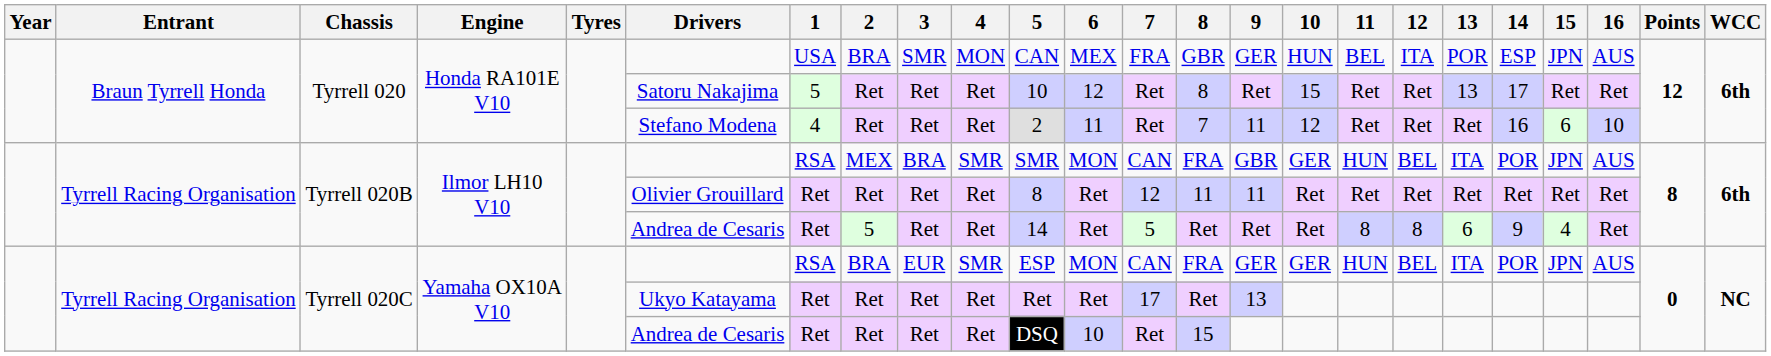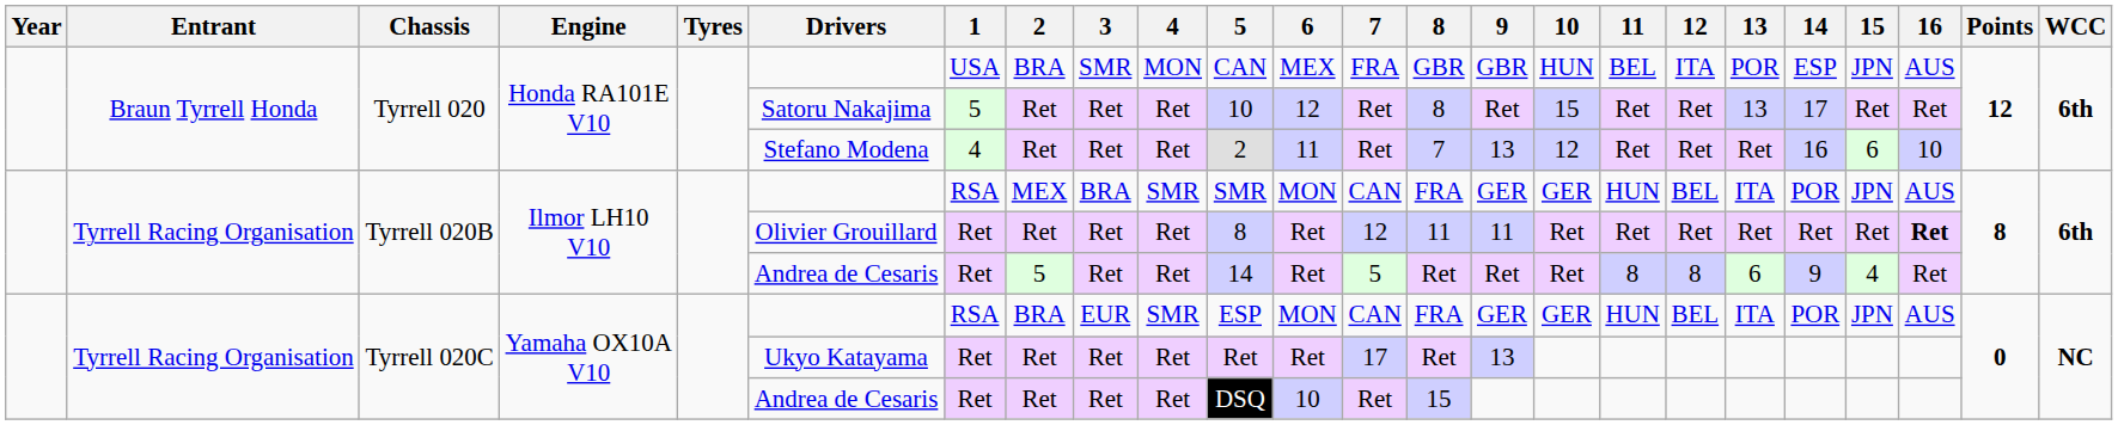 <table class="wikitable" style="text-align:center; font-size:95%">
 <tr>
 <th>Year</th>
 <th>Entrant</th>
 <th>Chassis</th>
 <th>Engine</th>
 <th>Tyres</th>
 <th>Drivers</th>
 <th>1</th>
 <th>2</th>
 <th>3</th>
 <th>4</th>
 <th>5</th>
 <th>6</th>
 <th>7</th>
 <th>8</th>
 <th>9</th>
 <th>10</th>
 <th>11</th>
 <th>12</th>
 <th>13</th>
 <th>14</th>
 <th>15</th>
 <th>16</th>
 <th>Points</th>
 <th>WCC</th>
 </tr>
 <tr>
 <td rowspan="3"></td>
 <td rowspan="3"><a href='#'>Braun</a> <a href='#'>Tyrrell</a> <a href='#'>Honda</a></td>
 <td rowspan="3">Tyrrell 020</td>
 <td rowspan="3"><a href='#'>Honda</a> RA101E<br><a href='#'>V10</a></td>
 <td rowspan="3"></td>
 <td></td>
 <td><a href='#'>USA</a></td>
 <td><a href='#'>BRA</a></td>
 <td><a href='#'>SMR</a></td>
 <td><a href='#'>MON</a></td>
 <td><a href='#'>CAN</a></td>
 <td><a href='#'>MEX</a></td>
 <td><a href='#'>FRA</a></td>
 <td><a href='#'>GBR</a></td>
-<td><a href='#'>GER</a></td>
+<td><a href='#'>GBR</a></td>
 <td><a href='#'>HUN</a></td>
 <td><a href='#'>BEL</a></td>
 <td><a href='#'>ITA</a></td>
 <td><a href='#'>POR</a></td>
 <td><a href='#'>ESP</a></td>
 <td><a href='#'>JPN</a></td>
 <td><a href='#'>AUS</a></td>
 <td rowspan="3"><strong>12</strong></td>
 <td rowspan="3"><strong>6th</strong></td>
 </tr>
 <tr>
 <td> <a href='#'>Satoru Nakajima</a></td>
 <td style="background:#dfffdf;">5</td>
 <td style="background:#efcfff;">Ret</td>
 <td style="background:#efcfff;">Ret</td>
 <td style="background:#efcfff;">Ret</td>
 <td style="background:#cfcfff;">10</td>
 <td style="background:#cfcfff;">12</td>
 <td style="background:#efcfff;">Ret</td>
 <td style="background:#cfcfff;">8</td>
 <td style="background:#efcfff;">Ret</td>
 <td style="background:#cfcfff;">15</td>
 <td style="background:#efcfff;">Ret</td>
 <td style="background:#efcfff;">Ret</td>
 <td style="background:#cfcfff;">13</td>
 <td style="background:#cfcfff;">17</td>
 <td style="background:#efcfff;">Ret</td>
 <td style="background:#efcfff;">Ret</td>
 </tr>
 <tr>
 <td> <a href='#'>Stefano Modena</a></td>
 <td style="background:#dfffdf;">4</td>
 <td style="background:#efcfff;">Ret</td>
 <td style="background:#efcfff;">Ret</td>
 <td style="background:#efcfff;">Ret</td>
 <td style="background:#dfdfdf;">2</td>
 <td style="background:#cfcfff;">11</td>
 <td style="background:#efcfff;">Ret</td>
 <td style="background:#cfcfff;">7</td>
-<td style="background:#cfcfff;">11</td>
+<td style="background:#cfcfff;">13</td>
 <td style="background:#cfcfff;">12</td>
 <td style="background:#efcfff;">Ret</td>
 <td style="background:#efcfff;">Ret</td>
 <td style="background:#efcfff;">Ret</td>
 <td style="background:#cfcfff;">16</td>
 <td style="background:#dfffdf;">6</td>
 <td style="background:#cfcfff;">10</td>
 </tr>
 <tr>
 <td rowspan="3"></td>
 <td rowspan="3"><a href='#'>Tyrrell Racing Organisation</a></td>
 <td rowspan="3">Tyrrell 020B</td>
 <td rowspan="3"><a href='#'>Ilmor</a> LH10<br><a href='#'>V10</a></td>
 <td rowspan="3"></td>
 <td></td>
 <td><a href='#'>RSA</a></td>
 <td><a href='#'>MEX</a></td>
 <td><a href='#'>BRA</a></td>
 <td><a href='#'>SMR</a></td>
 <td><a href='#'>SMR</a></td>
 <td><a href='#'>MON</a></td>
 <td><a href='#'>CAN</a></td>
 <td><a href='#'>FRA</a></td>
-<td><a href='#'>GBR</a></td>
+<td><a href='#'>GER</a></td>
 <td><a href='#'>GER</a></td>
 <td><a href='#'>HUN</a></td>
 <td><a href='#'>BEL</a></td>
 <td><a href='#'>ITA</a></td>
 <td><a href='#'>POR</a></td>
 <td><a href='#'>JPN</a></td>
 <td><a href='#'>AUS</a></td>
 <td rowspan="3"><strong>8</strong></td>
 <td rowspan="3"><strong>6th</strong></td>
 </tr>
 <tr>
 <td> <a href='#'>Olivier Grouillard</a></td>
 <td style="background:#efcfff;">Ret</td>
 <td style="background:#efcfff;">Ret</td>
 <td style="background:#efcfff;">Ret</td>
 <td style="background:#efcfff;">Ret</td>
 <td style="background:#cfcfff;">8</td>
 <td style="background:#efcfff;">Ret</td>
 <td style="background:#cfcfff;">12</td>
 <td style="background:#cfcfff;">11</td>
 <td style="background:#cfcfff;">11</td>
 <td style="background:#efcfff;">Ret</td>
 <td style="background:#efcfff;">Ret</td>
 <td style="background:#efcfff;">Ret</td>
 <td style="background:#efcfff;">Ret</td>
 <td style="background:#efcfff;">Ret</td>
 <td style="background:#efcfff;">Ret</td>
-<td style="background:#efcfff;">Ret</td>
+<td style="background:#efcfff;"><strong>Ret</strong></td>
 </tr>
 <tr>
 <td> <a href='#'>Andrea de Cesaris</a></td>
 <td style="background:#efcfff;">Ret</td>
 <td style="background:#dfffdf;">5</td>
 <td style="background:#efcfff;">Ret</td>
 <td style="background:#efcfff;">Ret</td>
 <td style="background:#cfcfff;">14</td>
 <td style="background:#efcfff;">Ret</td>
 <td style="background:#dfffdf;">5</td>
 <td style="background:#efcfff;">Ret</td>
 <td style="background:#efcfff;">Ret</td>
 <td style="background:#efcfff;">Ret</td>
 <td style="background:#cfcfff;">8</td>
 <td style="background:#cfcfff;">8</td>
 <td style="background:#dfffdf;">6</td>
 <td style="background:#cfcfff;">9</td>
 <td style="background:#dfffdf;">4</td>
 <td style="background:#efcfff;">Ret</td>
 </tr>
 <tr>
 <td rowspan="3"></td>
 <td rowspan="3"><a href='#'>Tyrrell Racing Organisation</a></td>
 <td rowspan="3">Tyrrell 020C</td>
 <td rowspan="3"><a href='#'>Yamaha</a> OX10A<br><a href='#'>V10</a></td>
 <td rowspan="3"></td>
 <td></td>
 <td><a href='#'>RSA</a></td>
 <td><a href='#'>BRA</a></td>
 <td><a href='#'>EUR</a></td>
 <td><a href='#'>SMR</a></td>
 <td><a href='#'>ESP</a></td>
 <td><a href='#'>MON</a></td>
 <td><a href='#'>CAN</a></td>
 <td><a href='#'>FRA</a></td>
 <td><a href='#'>GER</a></td>
 <td><a href='#'>GER</a></td>
 <td><a href='#'>HUN</a></td>
 <td><a href='#'>BEL</a></td>
 <td><a href='#'>ITA</a></td>
 <td><a href='#'>POR</a></td>
 <td><a href='#'>JPN</a></td>
 <td><a href='#'>AUS</a></td>
 <td rowspan="3"><strong>0</strong></td>
 <td rowspan="3"><strong>NC</strong></td>
 </tr>
 <tr>
 <td> <a href='#'>Ukyo Katayama</a></td>
 <td style="background:#efcfff;">Ret</td>
 <td style="background:#efcfff;">Ret</td>
 <td style="background:#efcfff;">Ret</td>
 <td style="background:#efcfff;">Ret</td>
 <td style="background:#efcfff;">Ret</td>
 <td style="background:#efcfff;">Ret</td>
 <td style="background:#cfcfff;">17</td>
 <td style="background:#efcfff;">Ret</td>
 <td style="background:#cfcfff;">13</td>
 <td></td>
 <td></td>
 <td></td>
 <td></td>
 <td></td>
 <td></td>
 <td></td>
 </tr>
 <tr>
 <td> <a href='#'>Andrea de Cesaris</a></td>
 <td style="background:#efcfff;">Ret</td>
 <td style="background:#efcfff;">Ret</td>
 <td style="background:#efcfff;">Ret</td>
 <td style="background:#efcfff;">Ret</td>
 <td style="background:#000; color:white;">DSQ</td>
 <td style="background:#cfcfff;">10</td>
 <td style="background:#efcfff;">Ret</td>
 <td style="background:#cfcfff;">15</td>
 <td></td>
 <td></td>
 <td></td>
 <td></td>
 <td></td>
 <td></td>
 <td></td>
 <td></td>
 </tr>
 </table>
